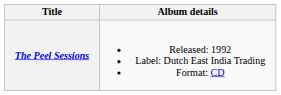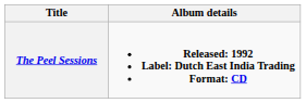 <table class="wikitable plainrowheaders" style="text-align:center;">
 <tr>
 <th scope="col" rowspan="1" style="width:9em;">Title</th>
 <th scope="col" rowspan="1" style="width:17em;">Album details</th>
 </tr>
 <tr>
 <th scope="row"><em><a href='#'>The Peel Sessions</a></em></th>
-<td><br><ul><li>Released: 1992</li><li>Label: Dutch East India Trading</li><li>Format: <a href='#'>CD</a></li></ul></td>
+<td><strong><br><ul><li>Released: 1992</li><li>Label: Dutch East India Trading</li><li>Format: <a href='#'>CD</a></li></ul></strong></td>
 </tr>
 </table>
